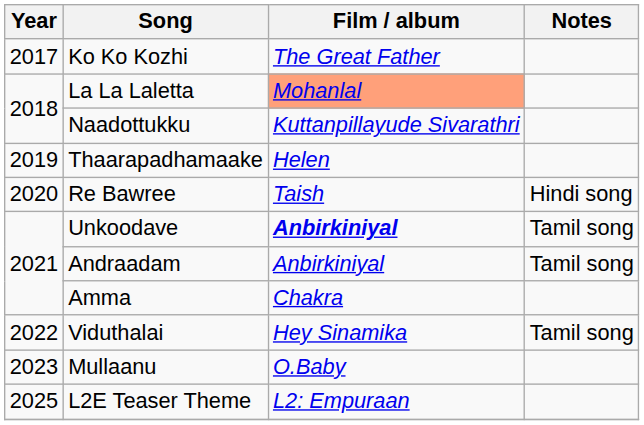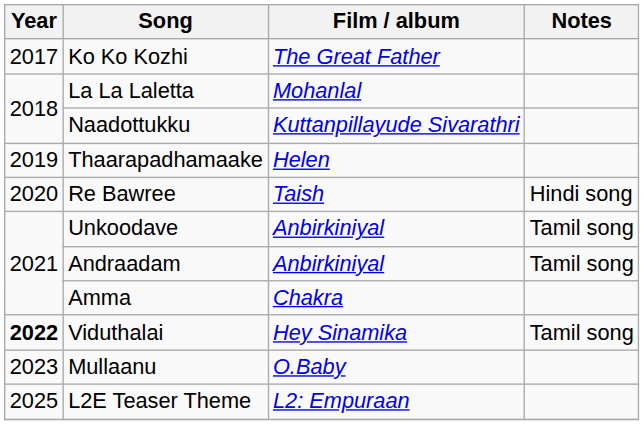 <table class="wikitable sortable">
 <tr>
 <th>Year</th>
 <th>Song</th>
 <th>Film / album</th>
 <th>Notes</th>
 </tr>
 <tr>
 <td>2017</td>
 <td>Ko Ko Kozhi</td>
 <td><em><a href='#'>The Great Father</a></em></td>
 <td></td>
 </tr>
 <tr>
 <td rowspan="2">2018</td>
 <td>La La Laletta</td>
-<td style="background: lightsalmon;"><em><a href='#'>Mohanlal</a></em></td>
+<td><em><a href='#'>Mohanlal</a></em></td>
 <td></td>
 </tr>
 <tr>
 <td>Naadottukku</td>
 <td><em><a href='#'>Kuttanpillayude Sivarathri</a></em></td>
 <td></td>
 </tr>
 <tr>
 <td>2019</td>
 <td>Thaarapadhamaake</td>
 <td><em><a href='#'>Helen</a></em></td>
 <td></td>
 </tr>
 <tr>
 <td>2020</td>
 <td>Re Bawree</td>
 <td><em><a href='#'>Taish</a></em></td>
 <td>Hindi song</td>
 </tr>
 <tr>
 <td rowspan="3">2021</td>
 <td>Unkoodave</td>
-<td><strong><em><a href='#'>Anbirkiniyal</a></em></strong></td>
+<td><em><a href='#'>Anbirkiniyal</a></em></td>
 <td>Tamil song</td>
 </tr>
 <tr>
 <td>Andraadam</td>
 <td><em><a href='#'>Anbirkiniyal</a></em></td>
 <td>Tamil song</td>
 </tr>
 <tr>
 <td>Amma</td>
 <td><em><a href='#'>Chakra</a></em></td>
 <td></td>
 </tr>
 <tr>
-<td>2022</td>
+<td><strong>2022</strong></td>
 <td>Viduthalai</td>
 <td><em><a href='#'>Hey Sinamika</a></em></td>
 <td>Tamil song</td>
 </tr>
 <tr>
 <td>2023</td>
 <td>Mullaanu</td>
 <td><a href='#'><em>O.Baby</em></a></td>
 <td></td>
 </tr>
 <tr>
 <td>2025</td>
 <td>L2E Teaser Theme</td>
 <td><em><a href='#'>L2: Empuraan</a></em></td>
 <td></td>
 </tr>
 <tr>
 </tr>
 </table>
